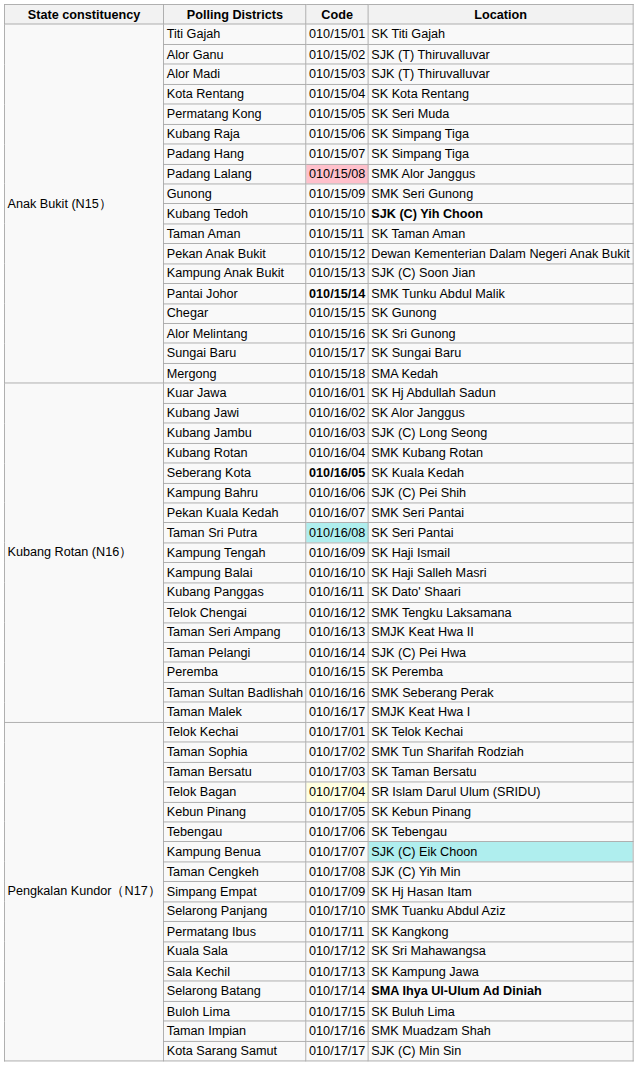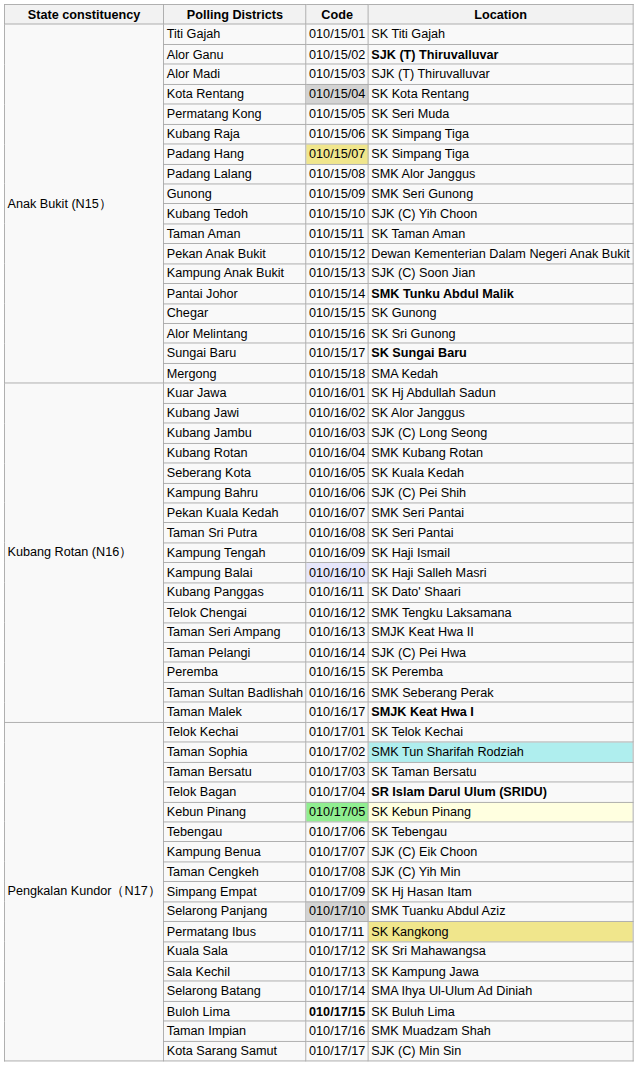 <table class="wikitable sortable mw-collapsible" style="white-space:nowrap;font-size:85%">
 <tr>
 <th>State constituency</th>
 <th>Polling Districts</th>
 <th>Code</th>
 <th>Location</th>
 </tr>
 <tr>
 <td rowspan="18">Anak Bukit (N15）</td>
 <td>Titi Gajah</td>
 <td>010/15/01</td>
 <td>SK Titi Gajah</td>
 </tr>
 <tr>
 <td>Alor Ganu</td>
 <td>010/15/02</td>
-<td>SJK (T) Thiruvalluvar</td>
+<td><strong>SJK (T) Thiruvalluvar</strong></td>
 </tr>
 <tr>
 <td>Alor Madi</td>
 <td>010/15/03</td>
 <td>SJK (T) Thiruvalluvar</td>
 </tr>
 <tr>
 <td>Kota Rentang</td>
-<td>010/15/04</td>
+<td style="background: lightgrey;">010/15/04</td>
 <td>SK Kota Rentang</td>
 </tr>
 <tr>
 <td>Permatang Kong</td>
 <td>010/15/05</td>
 <td>SK Seri Muda</td>
 </tr>
 <tr>
 <td>Kubang Raja</td>
 <td>010/15/06</td>
 <td>SK Simpang Tiga</td>
 </tr>
 <tr>
 <td>Padang Hang</td>
-<td>010/15/07</td>
+<td style="background: khaki;">010/15/07</td>
 <td>SK Simpang Tiga</td>
 </tr>
 <tr>
 <td>Padang Lalang</td>
-<td style="background: pink;">010/15/08</td>
+<td>010/15/08</td>
 <td>SMK Alor Janggus</td>
 </tr>
 <tr>
 <td>Gunong</td>
 <td>010/15/09</td>
 <td>SMK Seri Gunong</td>
 </tr>
 <tr>
 <td>Kubang Tedoh</td>
 <td>010/15/10</td>
-<td><strong>SJK (C) Yih Choon</strong></td>
+<td>SJK (C) Yih Choon</td>
 </tr>
 <tr>
 <td>Taman Aman</td>
 <td>010/15/11</td>
 <td>SK Taman Aman</td>
 </tr>
 <tr>
 <td>Pekan Anak Bukit</td>
 <td>010/15/12</td>
 <td>Dewan Kementerian Dalam Negeri Anak Bukit</td>
 </tr>
 <tr>
 <td>Kampung Anak Bukit</td>
 <td>010/15/13</td>
 <td>SJK (C) Soon Jian</td>
 </tr>
 <tr>
 <td>Pantai Johor</td>
-<td><strong>010/15/14</strong></td>
-<td>SMK Tunku Abdul Malik</td>
+<td>010/15/14</td>
+<td><strong>SMK Tunku Abdul Malik</strong></td>
 </tr>
 <tr>
 <td>Chegar</td>
 <td>010/15/15</td>
 <td>SK Gunong</td>
 </tr>
 <tr>
 <td>Alor Melintang</td>
 <td>010/15/16</td>
 <td>SK Sri Gunong</td>
 </tr>
 <tr>
 <td>Sungai Baru</td>
 <td>010/15/17</td>
-<td>SK Sungai Baru</td>
+<td><strong>SK Sungai Baru</strong></td>
 </tr>
 <tr>
 <td>Mergong</td>
 <td>010/15/18</td>
 <td>SMA Kedah</td>
 </tr>
 <tr>
 <td rowspan="17">Kubang Rotan (N16）</td>
 <td>Kuar Jawa</td>
 <td>010/16/01</td>
 <td>SK Hj Abdullah Sadun</td>
 </tr>
 <tr>
 <td>Kubang Jawi</td>
 <td>010/16/02</td>
 <td>SK Alor Janggus</td>
 </tr>
 <tr>
 <td>Kubang Jambu</td>
 <td>010/16/03</td>
 <td>SJK (C) Long Seong</td>
 </tr>
 <tr>
 <td>Kubang Rotan</td>
 <td>010/16/04</td>
 <td>SMK Kubang Rotan</td>
 </tr>
 <tr>
 <td>Seberang Kota</td>
-<td><strong>010/16/05</strong></td>
+<td>010/16/05</td>
 <td>SK Kuala Kedah</td>
 </tr>
 <tr>
 <td>Kampung Bahru</td>
 <td>010/16/06</td>
 <td>SJK (C) Pei Shih</td>
 </tr>
 <tr>
 <td>Pekan Kuala Kedah</td>
 <td>010/16/07</td>
 <td>SMK Seri Pantai</td>
 </tr>
 <tr>
 <td>Taman Sri Putra</td>
-<td style="background: paleturquoise;">010/16/08</td>
+<td>010/16/08</td>
 <td>SK Seri Pantai</td>
 </tr>
 <tr>
 <td>Kampung Tengah</td>
 <td>010/16/09</td>
 <td>SK Haji Ismail</td>
 </tr>
 <tr>
 <td>Kampung Balai</td>
-<td>010/16/10</td>
+<td style="background: lavender;">010/16/10</td>
 <td>SK Haji Salleh Masri</td>
 </tr>
 <tr>
 <td>Kubang Panggas</td>
 <td>010/16/11</td>
 <td>SK Dato' Shaari</td>
 </tr>
 <tr>
 <td>Telok Chengai</td>
 <td>010/16/12</td>
 <td>SMK Tengku Laksamana</td>
 </tr>
 <tr>
 <td>Taman Seri Ampang</td>
 <td>010/16/13</td>
 <td>SMJK Keat Hwa II</td>
 </tr>
 <tr>
 <td>Taman Pelangi</td>
 <td>010/16/14</td>
 <td>SJK (C) Pei Hwa</td>
 </tr>
 <tr>
 <td>Peremba</td>
 <td>010/16/15</td>
 <td>SK Peremba</td>
 </tr>
 <tr>
 <td>Taman Sultan Badlishah</td>
 <td>010/16/16</td>
 <td>SMK Seberang Perak</td>
 </tr>
 <tr>
 <td>Taman Malek</td>
 <td>010/16/17</td>
-<td>SMJK Keat Hwa I</td>
+<td><strong>SMJK Keat Hwa I</strong></td>
 </tr>
 <tr>
 <td rowspan="17">Pengkalan Kundor（N17）</td>
 <td>Telok Kechai</td>
 <td>010/17/01</td>
 <td>SK Telok Kechai</td>
 </tr>
 <tr>
 <td>Taman Sophia</td>
 <td>010/17/02</td>
-<td>SMK Tun Sharifah Rodziah</td>
+<td style="background: paleturquoise;">SMK Tun Sharifah Rodziah</td>
 </tr>
 <tr>
 <td>Taman Bersatu</td>
 <td>010/17/03</td>
 <td>SK Taman Bersatu</td>
 </tr>
 <tr>
 <td>Telok Bagan</td>
-<td style="background: lightyellow;">010/17/04</td>
-<td>SR Islam Darul Ulum (SRIDU)</td>
+<td>010/17/04</td>
+<td><strong>SR Islam Darul Ulum (SRIDU)</strong></td>
 </tr>
 <tr>
 <td>Kebun Pinang</td>
-<td>010/17/05</td>
-<td>SK Kebun Pinang</td>
+<td style="background: lightgreen;">010/17/05</td>
+<td style="background: lightyellow;">SK Kebun Pinang</td>
 </tr>
 <tr>
 <td>Tebengau</td>
 <td>010/17/06</td>
 <td>SK Tebengau</td>
 </tr>
 <tr>
 <td>Kampung Benua</td>
 <td>010/17/07</td>
-<td style="background: paleturquoise;">SJK (C) Eik Choon</td>
+<td>SJK (C) Eik Choon</td>
 </tr>
 <tr>
 <td>Taman Cengkeh</td>
 <td>010/17/08</td>
 <td>SJK (C) Yih Min</td>
 </tr>
 <tr>
 <td>Simpang Empat</td>
 <td>010/17/09</td>
 <td>SK Hj Hasan Itam</td>
 </tr>
 <tr>
 <td>Selarong Panjang</td>
-<td>010/17/10</td>
+<td style="background: lightgrey;">010/17/10</td>
 <td>SMK Tuanku Abdul Aziz</td>
 </tr>
 <tr>
 <td>Permatang Ibus</td>
 <td>010/17/11</td>
-<td>SK Kangkong</td>
+<td style="background: khaki;">SK Kangkong</td>
 </tr>
 <tr>
 <td>Kuala Sala</td>
 <td>010/17/12</td>
 <td>SK Sri Mahawangsa</td>
 </tr>
 <tr>
 <td>Sala Kechil</td>
 <td>010/17/13</td>
 <td>SK Kampung Jawa</td>
 </tr>
 <tr>
 <td>Selarong Batang</td>
 <td>010/17/14</td>
-<td><strong>SMA Ihya Ul-Ulum Ad Diniah</strong></td>
+<td>SMA Ihya Ul-Ulum Ad Diniah</td>
 </tr>
 <tr>
 <td>Buloh Lima</td>
-<td>010/17/15</td>
+<td><strong>010/17/15</strong></td>
 <td>SK Buluh Lima</td>
 </tr>
 <tr>
 <td>Taman Impian</td>
 <td>010/17/16</td>
 <td>SMK Muadzam Shah</td>
 </tr>
 <tr>
 <td>Kota Sarang Samut</td>
 <td>010/17/17</td>
 <td>SJK (C) Min Sin</td>
 </tr>
 </table>
